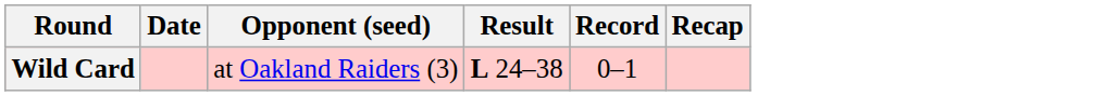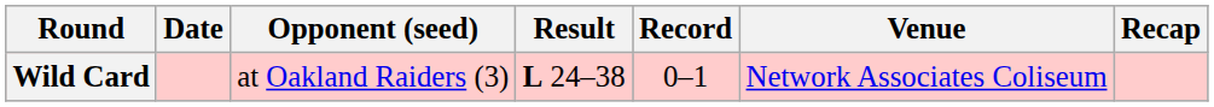 <table class="wikitable"style="text-align:center">
 <tr>
 <th>Round</th>
 <th>Date</th>
 <th>Opponent (seed)</th>
 <th>Result</th>
 <th>Record</th>
+<th>Venue</th>
 <th>Recap</th>
 </tr>
 <tr style="background:#fcc">
 <th>Wild Card</th>
 <td></td>
 <td>at <a href='#'>Oakland Raiders</a> (3)</td>
 <td><strong>L</strong> 24–38</td>
 <td>0–1</td>
+<td><a href='#'>Network Associates Coliseum</a></td>
 <td></td>
 </tr>
 </table>
